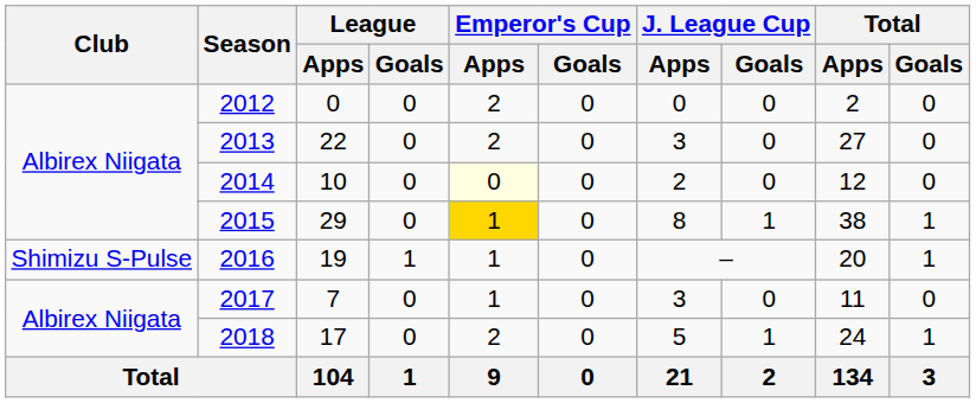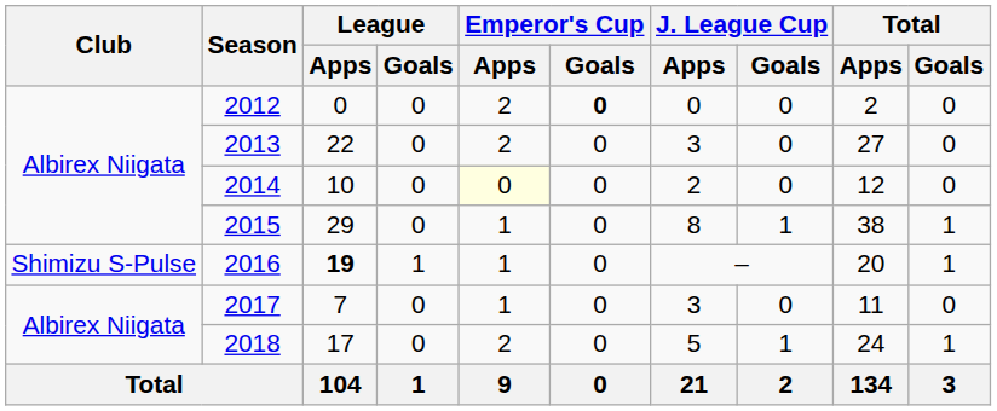 <table class="wikitable" style="text-align:center;">
 <tr>
 <th rowspan="2">Club</th>
 <th rowspan="2">Season</th>
 <th colspan="2">League</th>
 <th colspan="2"><a href='#'>Emperor's Cup</a></th>
 <th colspan="2"><a href='#'>J. League Cup</a></th>
 <th colspan="2">Total</th>
 </tr>
 <tr>
 <th>Apps</th>
 <th>Goals</th>
 <th>Apps</th>
 <th>Goals</th>
 <th>Apps</th>
 <th>Goals</th>
 <th>Apps</th>
 <th>Goals</th>
 </tr>
 <tr>
 <td rowspan="4"><a href='#'>Albirex Niigata</a></td>
 <td><a href='#'>2012</a></td>
 <td>0</td>
 <td>0</td>
 <td>2</td>
-<td>0</td>
+<td><strong>0</strong></td>
 <td>0</td>
 <td>0</td>
 <td>2</td>
 <td>0</td>
 </tr>
 <tr>
 <td><a href='#'>2013</a></td>
 <td>22</td>
 <td>0</td>
 <td>2</td>
 <td>0</td>
 <td>3</td>
 <td>0</td>
 <td>27</td>
 <td>0</td>
 </tr>
 <tr>
 <td><a href='#'>2014</a></td>
 <td>10</td>
 <td>0</td>
 <td style="background: lightyellow;">0</td>
 <td>0</td>
 <td>2</td>
 <td>0</td>
 <td>12</td>
 <td>0</td>
 </tr>
 <tr>
 <td><a href='#'>2015</a></td>
 <td>29</td>
 <td>0</td>
-<td style="background: gold;">1</td>
+<td>1</td>
 <td>0</td>
 <td>8</td>
 <td>1</td>
 <td>38</td>
 <td>1</td>
 </tr>
 <tr>
 <td><a href='#'>Shimizu S-Pulse</a></td>
 <td><a href='#'>2016</a></td>
-<td>19</td>
+<td><strong>19</strong></td>
 <td>1</td>
 <td>1</td>
 <td>0</td>
 <td colspan="2">–</td>
 <td>20</td>
 <td>1</td>
 </tr>
 <tr>
 <td rowspan="2"><a href='#'>Albirex Niigata</a></td>
 <td><a href='#'>2017</a></td>
 <td>7</td>
 <td>0</td>
 <td>1</td>
 <td>0</td>
 <td>3</td>
 <td>0</td>
 <td>11</td>
 <td>0</td>
 </tr>
 <tr>
 <td><a href='#'>2018</a></td>
 <td>17</td>
 <td>0</td>
 <td>2</td>
 <td>0</td>
 <td>5</td>
 <td>1</td>
 <td>24</td>
 <td>1</td>
 </tr>
 <tr>
 <th colspan="2">Total</th>
 <th>104</th>
 <th>1</th>
 <th>9</th>
 <th>0</th>
 <th>21</th>
 <th>2</th>
 <th>134</th>
 <th>3</th>
 </tr>
 </table>
